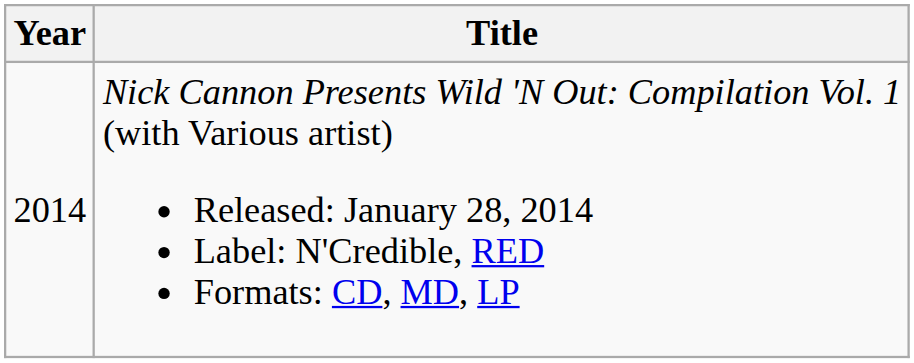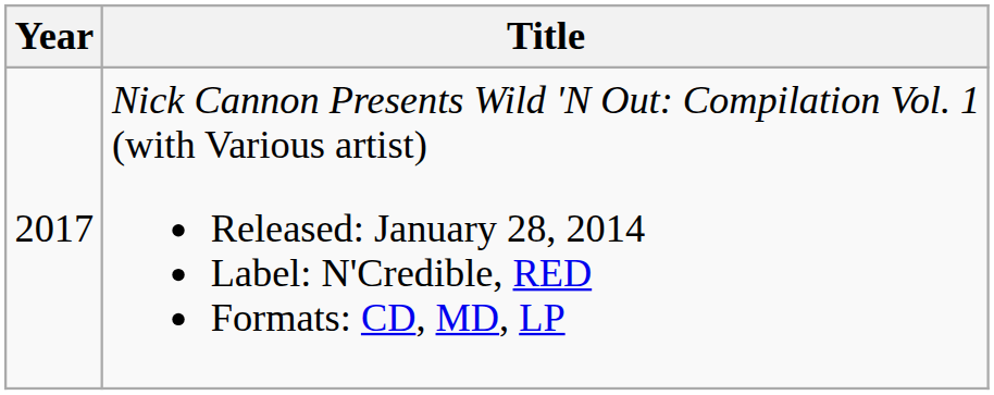 <table class="wikitable">
 <tr>
 <th align=center>Year</th>
 <th align=center>Title</th>
 </tr>
 <tr>
-<td>2014</td>
+<td>2017</td>
 <td><em>Nick Cannon Presents Wild 'N Out: Compilation Vol. 1</em><br><span>(with Various artist)</span><br><ul><li>Released: January 28, 2014</li><li>Label: N'Credible, <a href='#'>RED</a></li><li>Formats: <a href='#'>CD</a>, <a href='#'>MD</a>, <a href='#'>LP</a></li></ul></td>
 </tr>
 </table>
